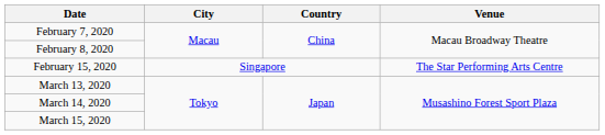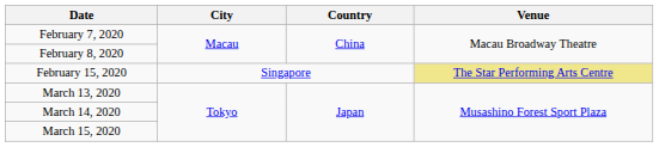 <table class="wikitable" style="text-align:center;">
 <tr>
 <th scope="col" style="width:12em;">Date</th>
 <th scope="col" style="width:10em;">City</th>
 <th scope="col" style="width:10em;">Country</th>
 <th scope="col" style="width:19em;">Venue</th>
 </tr>
 <tr>
 <td>February 7, 2020</td>
 <td rowspan="2"><a href='#'>Macau</a></td>
 <td rowspan="2"><a href='#'>China</a></td>
 <td rowspan="2">Macau Broadway Theatre</td>
 </tr>
 <tr>
 <td>February 8, 2020</td>
 </tr>
 <tr>
 <td>February 15, 2020</td>
 <td colspan="2"><a href='#'>Singapore</a></td>
-<td><a href='#'>The Star Performing Arts Centre</a></td>
+<td style="background: khaki;"><a href='#'>The Star Performing Arts Centre</a></td>
 </tr>
 <tr>
 <td>March 13, 2020</td>
 <td rowspan="3"><a href='#'>Tokyo</a></td>
 <td rowspan="3"><a href='#'>Japan</a></td>
 <td rowspan="3"><a href='#'>Musashino Forest Sport Plaza</a></td>
 </tr>
 <tr>
 <td>March 14, 2020</td>
 </tr>
 <tr>
 <td>March 15, 2020</td>
 </tr>
 </table>
